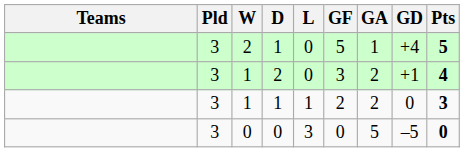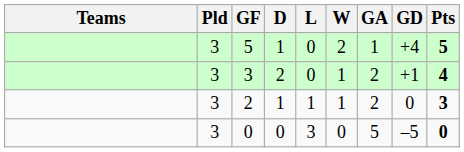 <table class="wikitable" style="text-align: center;">
 <tr>
 <th width=165>Teams</th>
 <th width=20>Pld</th>
-<th width=20>W</th>
+<th width=20>GF</th>
 <th width=20>D</th>
 <th width=20>L</th>
-<th width=20>GF</th>
+<th width=20>W</th>
 <th width=20>GA</th>
 <th width=20>GD</th>
 <th width=20>Pts</th>
 </tr>
 <tr align=center style="background:#ccffcc;">
 <td style="text-align:left;"></td>
 <td>3</td>
-<td>2</td>
+<td>5</td>
 <td>1</td>
 <td>0</td>
-<td>5</td>
+<td>2</td>
 <td>1</td>
 <td>+4</td>
 <td><strong>5</strong></td>
 </tr>
 <tr align=center style="background:#ccffcc;">
 <td style="text-align:left;"></td>
 <td>3</td>
-<td>1</td>
+<td>3</td>
 <td>2</td>
 <td>0</td>
-<td>3</td>
+<td>1</td>
 <td>2</td>
 <td>+1</td>
 <td><strong>4</strong></td>
 </tr>
 <tr align=center>
 <td style="text-align:left;"></td>
 <td>3</td>
+<td>2</td>
 <td>1</td>
 <td>1</td>
 <td>1</td>
-<td>2</td>
 <td>2</td>
 <td>0</td>
 <td><strong>3</strong></td>
 </tr>
 <tr align=center>
 <td style="text-align:left;"></td>
 <td>3</td>
 <td>0</td>
 <td>0</td>
 <td>3</td>
 <td>0</td>
 <td>5</td>
 <td>–5</td>
 <td><strong>0</strong></td>
 </tr>
 </table>
